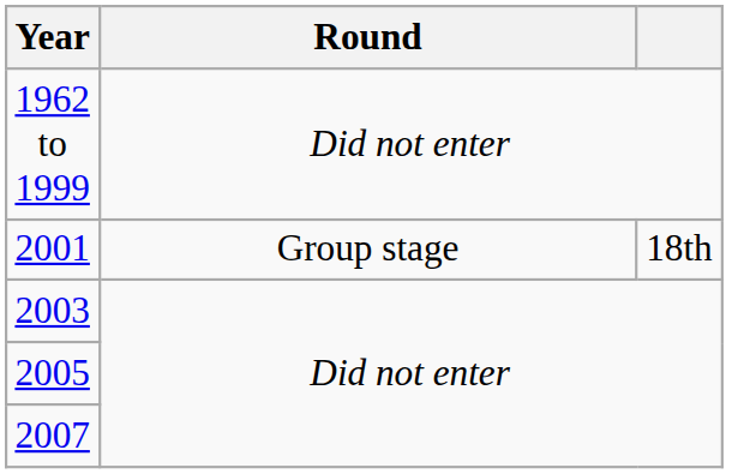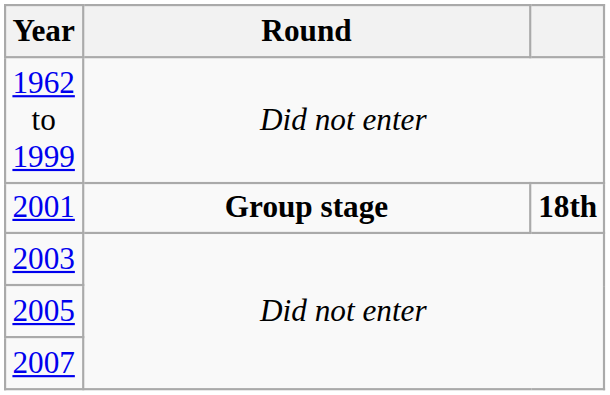 <table class="wikitable" style="text-align: center; font-size:90%">
 <tr>
 <th>Year</th>
 <th style="width:200px">Round</th>
 <th></th>
 </tr>
 <tr>
 <td><a href='#'>1962</a><br>to<br><a href='#'>1999</a></td>
 <td colspan="2"><em>Did not enter</em></td>
 </tr>
 <tr>
 <td><a href='#'>2001</a></td>
-<td>Group stage</td>
-<td>18th</td>
+<td><strong>Group stage</strong></td>
+<td><strong>18th</strong></td>
 </tr>
 <tr>
 <td><a href='#'>2003</a></td>
 <td colspan="2" rowspan="3"><em>Did not enter</em></td>
 </tr>
 <tr>
 <td><a href='#'>2005</a></td>
 </tr>
 <tr>
 <td><a href='#'>2007</a></td>
 </tr>
 </table>
